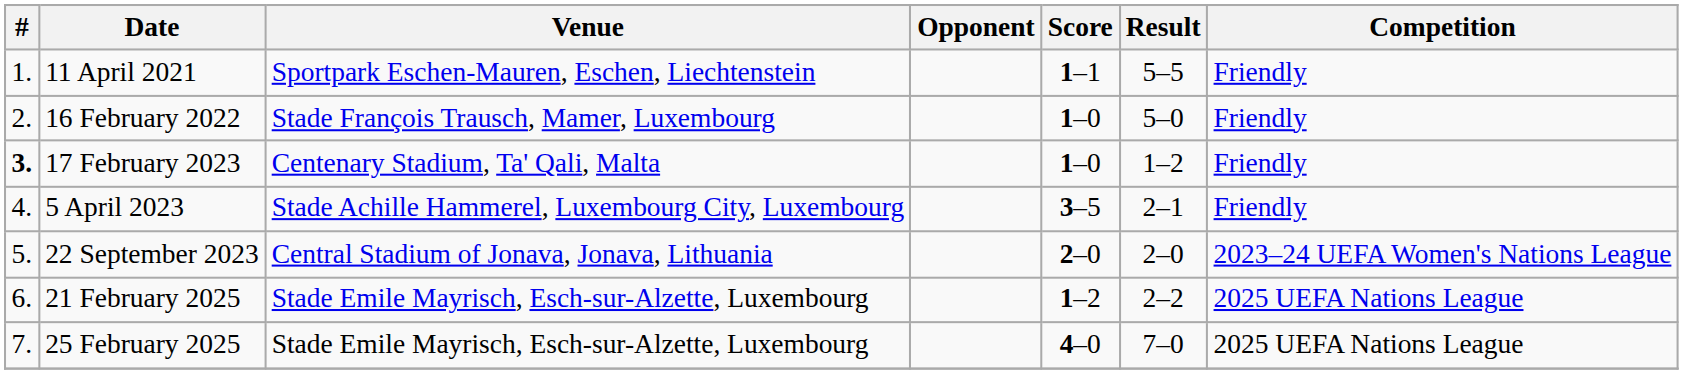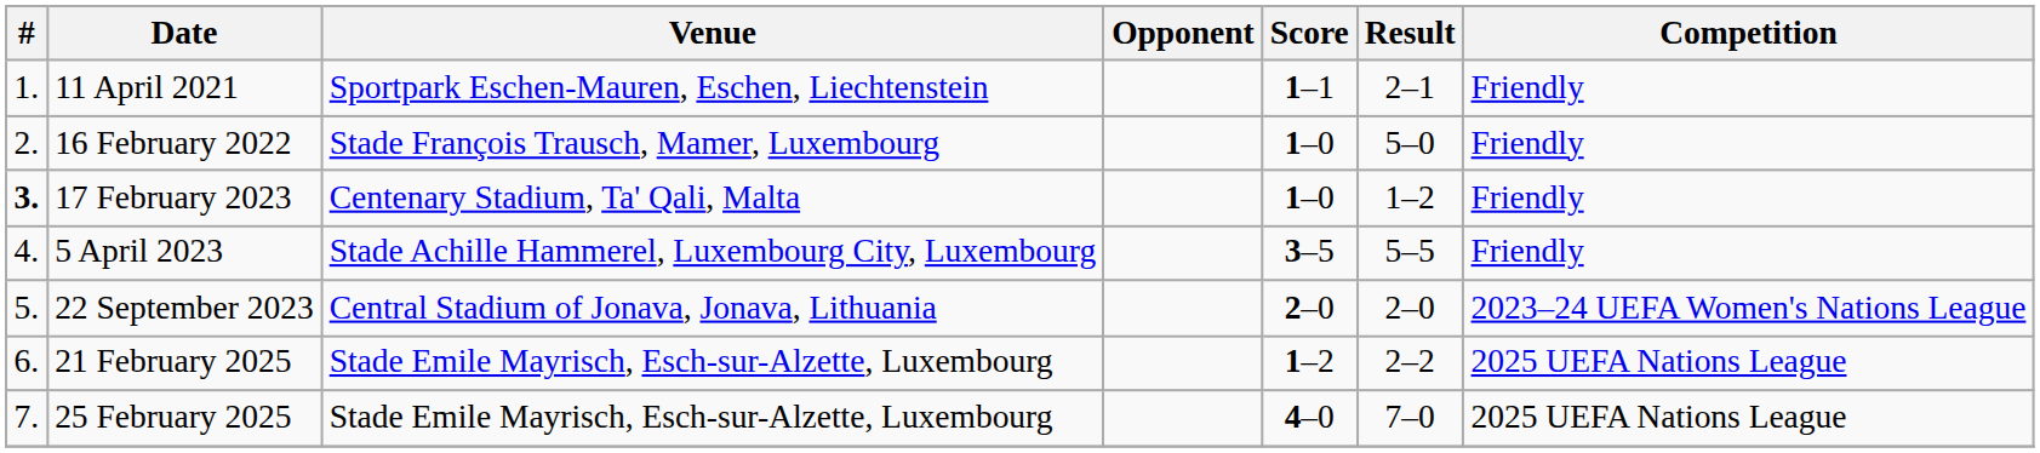 <table class="wikitable" style="font-size:85%;">
 <tr>
 <th>#</th>
 <th>Date</th>
 <th>Venue</th>
 <th>Opponent</th>
 <th>Score</th>
 <th>Result</th>
 <th>Competition</th>
 </tr>
 <tr>
 <td>1.</td>
 <td>11 April 2021</td>
 <td><a href='#'>Sportpark Eschen-Mauren</a>, <a href='#'>Eschen</a>, <a href='#'>Liechtenstein</a></td>
 <td></td>
 <td align=center><strong>1</strong>–1</td>
-<td align=center>5–5</td>
+<td align=center>2–1</td>
 <td><a href='#'>Friendly</a></td>
 </tr>
 <tr>
 <td>2.</td>
 <td>16 February 2022</td>
 <td><a href='#'>Stade François Trausch</a>, <a href='#'>Mamer</a>, <a href='#'>Luxembourg</a></td>
 <td></td>
 <td align=center><strong>1</strong>–0</td>
 <td align=center>5–0</td>
 <td><a href='#'>Friendly</a></td>
 </tr>
 <tr>
 <td><strong>3.</strong></td>
 <td>17 February 2023</td>
 <td><a href='#'>Centenary Stadium</a>, <a href='#'>Ta' Qali</a>, <a href='#'>Malta</a></td>
 <td></td>
 <td align=center><strong>1</strong>–0</td>
 <td align=center>1–2</td>
 <td><a href='#'>Friendly</a></td>
 </tr>
 <tr>
 <td>4.</td>
 <td>5 April 2023</td>
 <td><a href='#'>Stade Achille Hammerel</a>, <a href='#'>Luxembourg City</a>, <a href='#'>Luxembourg</a></td>
 <td></td>
 <td align=center><strong>3</strong>–5</td>
-<td align=center>2–1</td>
+<td align=center>5–5</td>
 <td><a href='#'>Friendly</a></td>
 </tr>
 <tr>
 <td>5.</td>
 <td>22 September 2023</td>
 <td><a href='#'>Central Stadium of Jonava</a>, <a href='#'>Jonava</a>, <a href='#'>Lithuania</a></td>
 <td></td>
 <td align=center><strong>2</strong>–0</td>
 <td align=center>2–0</td>
 <td><a href='#'>2023–24 UEFA Women's Nations League</a></td>
 </tr>
 <tr>
 <td>6.</td>
 <td>21 February 2025</td>
 <td><a href='#'>Stade Emile Mayrisch</a>, <a href='#'>Esch-sur-Alzette</a>, Luxembourg</td>
 <td></td>
 <td align=center><strong>1</strong>–2</td>
 <td align=center>2–2</td>
 <td><a href='#'>2025 UEFA Nations League</a></td>
 </tr>
 <tr>
 <td>7.</td>
 <td>25 February 2025</td>
 <td>Stade Emile Mayrisch, Esch-sur-Alzette, Luxembourg</td>
 <td></td>
 <td align=center><strong>4</strong>–0</td>
 <td align=center>7–0</td>
 <td>2025 UEFA Nations League</td>
 </tr>
 <tr>
 </tr>
 </table>
